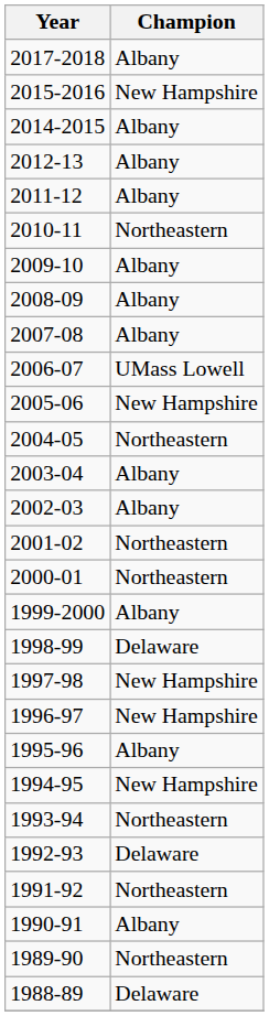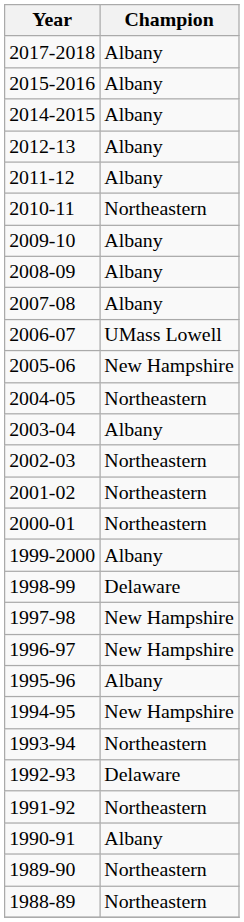 <table class="wikitable sortable">
 <tr>
 <th>Year</th>
 <th>Champion</th>
 </tr>
 <tr>
 <td>2017-2018</td>
 <td>Albany</td>
 </tr>
 <tr>
 <td>2015-2016</td>
-<td>New Hampshire</td>
+<td>Albany</td>
 </tr>
 <tr>
 <td>2014-2015</td>
 <td>Albany</td>
 </tr>
 <tr>
 <td>2012-13</td>
 <td>Albany</td>
 </tr>
 <tr>
 <td>2011-12</td>
 <td>Albany</td>
 </tr>
 <tr>
 <td>2010-11</td>
 <td>Northeastern</td>
 </tr>
 <tr>
 <td>2009-10</td>
 <td>Albany</td>
 </tr>
 <tr>
 <td>2008-09</td>
 <td>Albany</td>
 </tr>
 <tr>
 <td>2007-08</td>
 <td>Albany</td>
 </tr>
 <tr>
 <td>2006-07</td>
 <td>UMass Lowell</td>
 </tr>
 <tr>
 <td>2005-06</td>
 <td>New Hampshire</td>
 </tr>
 <tr>
 <td>2004-05</td>
 <td>Northeastern</td>
 </tr>
 <tr>
 <td>2003-04</td>
 <td>Albany</td>
 </tr>
 <tr>
 <td>2002-03</td>
-<td>Albany</td>
+<td>Northeastern</td>
 </tr>
 <tr>
 <td>2001-02</td>
 <td>Northeastern</td>
 </tr>
 <tr>
 <td>2000-01</td>
 <td>Northeastern</td>
 </tr>
 <tr>
 <td>1999-2000</td>
 <td>Albany</td>
 </tr>
 <tr>
 <td>1998-99</td>
 <td>Delaware</td>
 </tr>
 <tr>
 <td>1997-98</td>
 <td>New Hampshire</td>
 </tr>
 <tr>
 <td>1996-97</td>
 <td>New Hampshire</td>
 </tr>
 <tr>
 <td>1995-96</td>
 <td>Albany</td>
 </tr>
 <tr>
 <td>1994-95</td>
 <td>New Hampshire</td>
 </tr>
 <tr>
 <td>1993-94</td>
 <td>Northeastern</td>
 </tr>
 <tr>
 <td>1992-93</td>
 <td>Delaware</td>
 </tr>
 <tr>
 <td>1991-92</td>
 <td>Northeastern</td>
 </tr>
 <tr>
 <td>1990-91</td>
 <td>Albany</td>
 </tr>
 <tr>
 <td>1989-90</td>
 <td>Northeastern</td>
 </tr>
 <tr>
 <td>1988-89</td>
-<td>Delaware</td>
+<td>Northeastern</td>
 </tr>
 <tr>
 </tr>
 </table>
